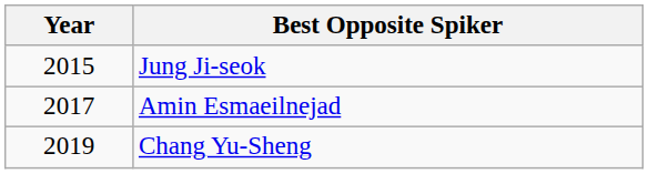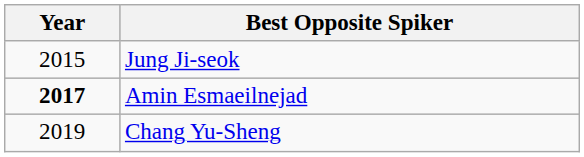 <table class=wikitable style="width: 400px;">
 <tr>
 <th style="width: 20%;">Year</th>
 <th style="width: 80%;">Best Opposite Spiker</th>
 </tr>
 <tr>
 <td align=center>2015</td>
 <td> <a href='#'>Jung Ji-seok</a></td>
 </tr>
 <tr>
-<td align=center>2017</td>
+<td align=center><strong>2017</strong></td>
 <td> <a href='#'>Amin Esmaeilnejad</a></td>
 </tr>
 <tr>
 <td align=center>2019</td>
 <td> <a href='#'>Chang Yu-Sheng</a></td>
 </tr>
 </table>
